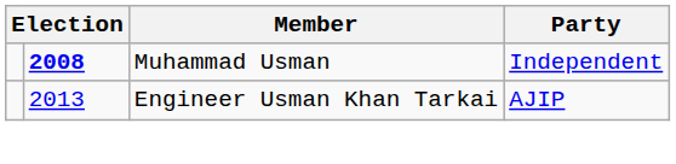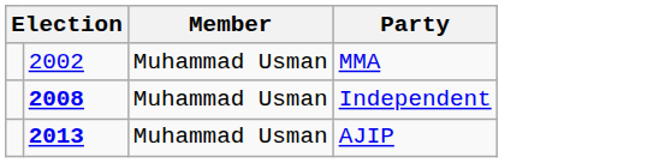 <table class="wikitable">
 <tr>
 <th colspan="2">Election</th>
 <th>Member</th>
 <th>Party</th>
+</tr>
+<tr>
+<td style="background-color: "></td>
+<td><a href='#'>2002</a></td>
+<td>Muhammad Usman</td>
+<td><a href='#'>MMA</a></td>
 </tr>
 <tr>
 <td style="background-color: "></td>
 <td><strong><a href='#'>2008</a></strong></td>
 <td>Muhammad Usman</td>
 <td><a href='#'>Independent</a></td>
 </tr>
 <tr>
 <td style="background-color: "></td>
-<td><a href='#'>2013</a></td>
-<td>Engineer Usman Khan Tarkai</td>
+<td><strong><a href='#'>2013</a></strong></td>
+<td>Muhammad Usman</td>
 <td><a href='#'>AJIP</a></td>
 </tr>
 </table>
